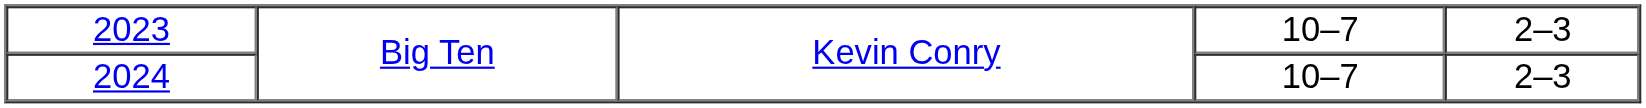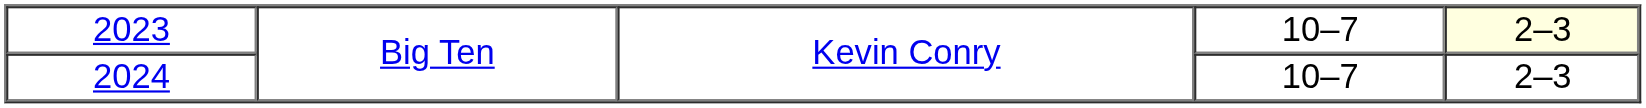 <table cellpadding="1" border="1" cellspacing="0" width="60%" style="text-align:center;">
 <tr>
 </tr>
 <tr>
 <td><a href='#'>2023</a></td>
 <td rowspan=2><a href='#'>Big Ten</a></td>
 <td rowspan=2><a href='#'>Kevin Conry</a></td>
 <td>10–7</td>
-<td>2–3</td>
+<td style="background: lightyellow;">2–3</td>
 </tr>
 <tr>
 <td><a href='#'>2024</a></td>
 <td>10–7</td>
 <td>2–3</td>
 </tr>
 <tr>
 </tr>
 </table>
